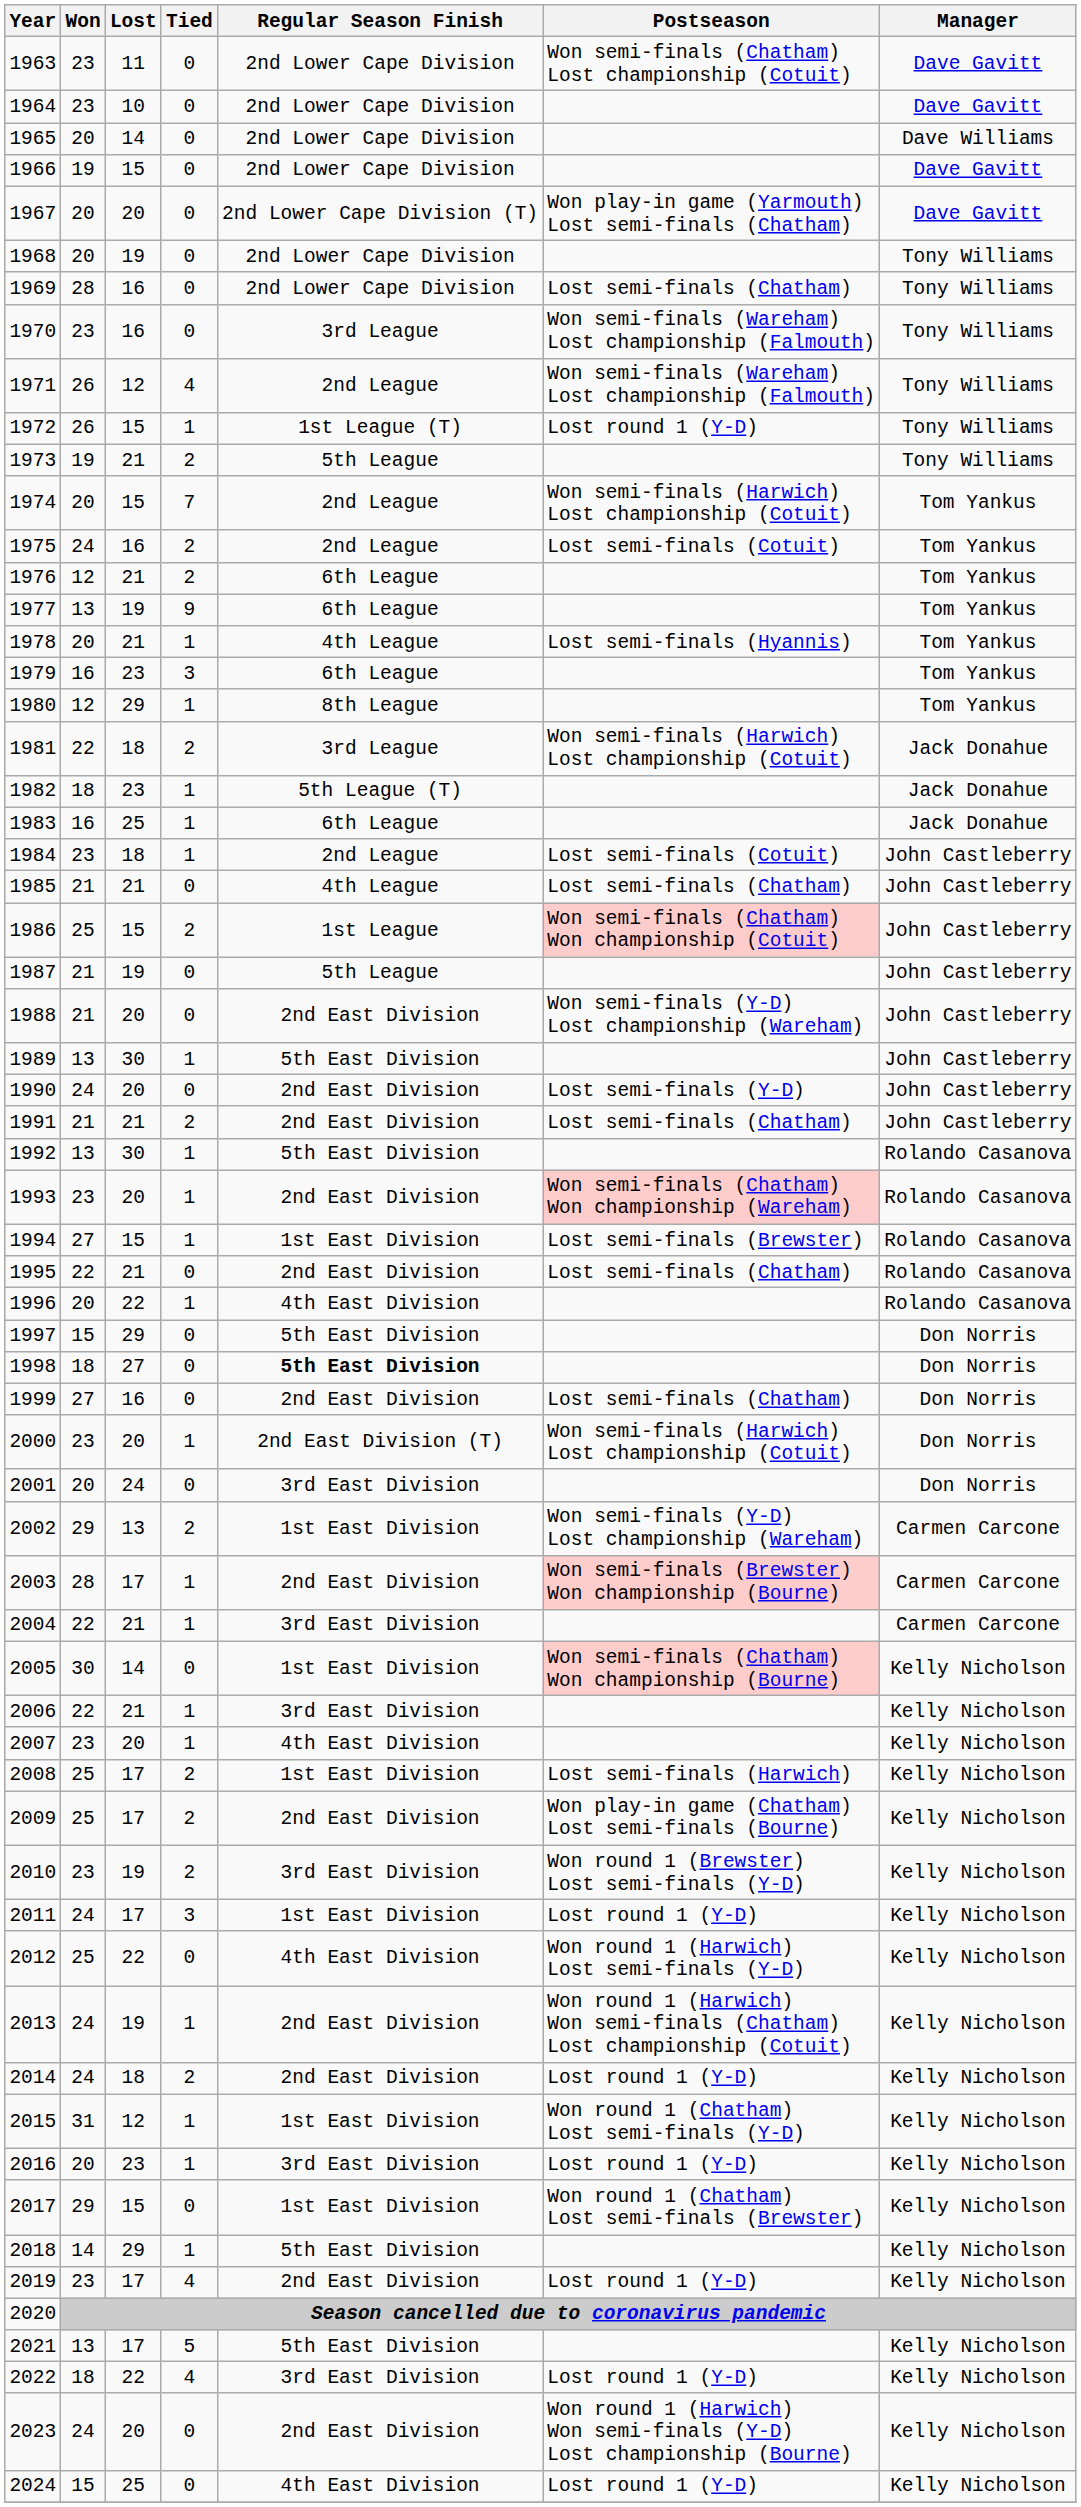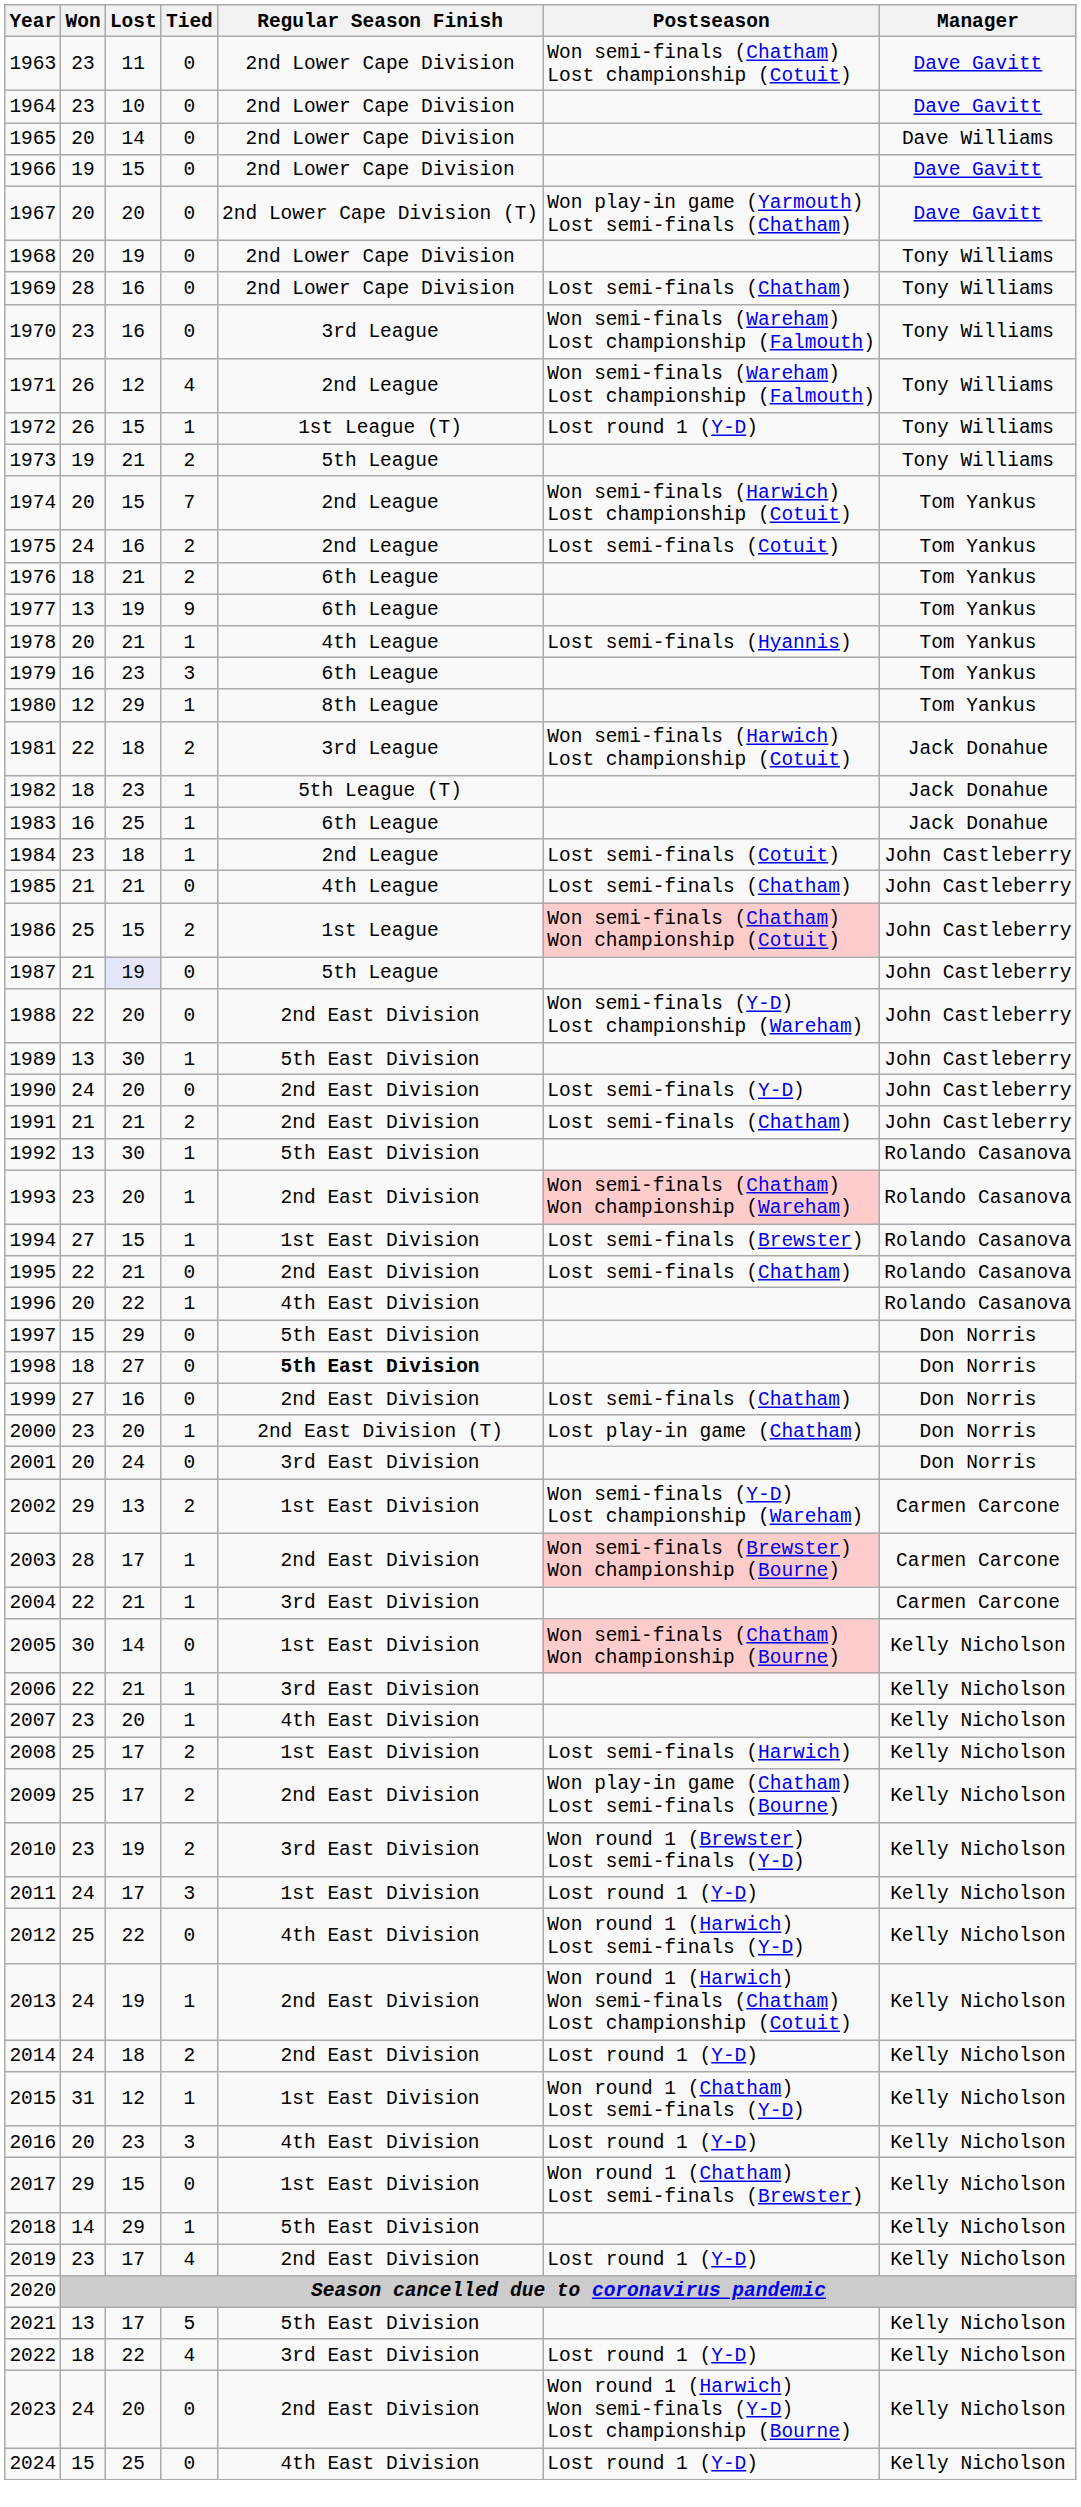 <table class="wikitable" style="text-align:center">
 <tr>
 <th>Year</th>
 <th>Won</th>
 <th>Lost</th>
 <th>Tied</th>
 <th>Regular Season Finish</th>
 <th>Postseason</th>
 <th>Manager</th>
 </tr>
 <tr>
 <td>1963</td>
 <td>23</td>
 <td>11</td>
 <td>0</td>
 <td>2nd Lower Cape Division</td>
 <td style="text-align:left">Won semi-finals (<a href='#'>Chatham</a>)<br>Lost championship (<a href='#'>Cotuit</a>)</td>
 <td><a href='#'>Dave Gavitt</a></td>
 </tr>
 <tr>
 <td>1964</td>
 <td>23</td>
 <td>10</td>
 <td>0</td>
 <td>2nd Lower Cape Division</td>
 <td></td>
 <td><a href='#'>Dave Gavitt</a></td>
 </tr>
 <tr>
 <td>1965</td>
 <td>20</td>
 <td>14</td>
 <td>0</td>
 <td>2nd Lower Cape Division</td>
 <td></td>
 <td>Dave Williams</td>
 </tr>
 <tr>
 <td>1966</td>
 <td>19</td>
 <td>15</td>
 <td>0</td>
 <td>2nd Lower Cape Division</td>
 <td></td>
 <td><a href='#'>Dave Gavitt</a></td>
 </tr>
 <tr>
 <td>1967</td>
 <td>20</td>
 <td>20</td>
 <td>0</td>
 <td>2nd Lower Cape Division (T)</td>
 <td style="text-align:left">Won play-in game (<a href='#'>Yarmouth</a>)<br>Lost semi-finals (<a href='#'>Chatham</a>)</td>
 <td><a href='#'>Dave Gavitt</a></td>
 </tr>
 <tr>
 <td>1968</td>
 <td>20</td>
 <td>19</td>
 <td>0</td>
 <td>2nd Lower Cape Division</td>
 <td></td>
 <td>Tony Williams</td>
 </tr>
 <tr>
 <td>1969</td>
 <td>28</td>
 <td>16</td>
 <td>0</td>
 <td>2nd Lower Cape Division</td>
 <td style="text-align:left">Lost semi-finals (<a href='#'>Chatham</a>)</td>
 <td>Tony Williams</td>
 </tr>
 <tr>
 <td>1970</td>
 <td>23</td>
 <td>16</td>
 <td>0</td>
 <td>3rd League</td>
 <td style="text-align:left">Won semi-finals (<a href='#'>Wareham</a>)<br>Lost championship (<a href='#'>Falmouth</a>)</td>
 <td>Tony Williams</td>
 </tr>
 <tr>
 <td>1971</td>
 <td>26</td>
 <td>12</td>
 <td>4</td>
 <td>2nd League</td>
 <td style="text-align:left">Won semi-finals (<a href='#'>Wareham</a>)<br>Lost championship (<a href='#'>Falmouth</a>)</td>
 <td>Tony Williams</td>
 </tr>
 <tr>
 <td>1972</td>
 <td>26</td>
 <td>15</td>
 <td>1</td>
 <td>1st League (T)</td>
 <td style="text-align:left">Lost round 1 (<a href='#'>Y-D</a>)</td>
 <td>Tony Williams</td>
 </tr>
 <tr>
 <td>1973</td>
 <td>19</td>
 <td>21</td>
 <td>2</td>
 <td>5th League</td>
 <td></td>
 <td>Tony Williams</td>
 </tr>
 <tr>
 <td>1974</td>
 <td>20</td>
 <td>15</td>
 <td>7</td>
 <td>2nd League</td>
 <td style="text-align:left">Won semi-finals (<a href='#'>Harwich</a>)<br>Lost championship (<a href='#'>Cotuit</a>)</td>
 <td>Tom Yankus</td>
 </tr>
 <tr>
 <td>1975</td>
 <td>24</td>
 <td>16</td>
 <td>2</td>
 <td>2nd League</td>
 <td style="text-align:left">Lost semi-finals (<a href='#'>Cotuit</a>)</td>
 <td>Tom Yankus</td>
 </tr>
 <tr>
 <td>1976</td>
-<td>12</td>
+<td>18</td>
 <td>21</td>
 <td>2</td>
 <td>6th League</td>
 <td></td>
 <td>Tom Yankus</td>
 </tr>
 <tr>
 <td>1977</td>
 <td>13</td>
 <td>19</td>
 <td>9</td>
 <td>6th League</td>
 <td></td>
 <td>Tom Yankus</td>
 </tr>
 <tr>
 <td>1978</td>
 <td>20</td>
 <td>21</td>
 <td>1</td>
 <td>4th League</td>
 <td style="text-align:left">Lost semi-finals (<a href='#'>Hyannis</a>)</td>
 <td>Tom Yankus</td>
 </tr>
 <tr>
 <td>1979</td>
 <td>16</td>
 <td>23</td>
 <td>3</td>
 <td>6th League</td>
 <td></td>
 <td>Tom Yankus</td>
 </tr>
 <tr>
 <td>1980</td>
 <td>12</td>
 <td>29</td>
 <td>1</td>
 <td>8th League</td>
 <td></td>
 <td>Tom Yankus</td>
 </tr>
 <tr>
 <td>1981</td>
 <td>22</td>
 <td>18</td>
 <td>2</td>
 <td>3rd League</td>
 <td style="text-align:left">Won semi-finals (<a href='#'>Harwich</a>)<br>Lost championship (<a href='#'>Cotuit</a>)</td>
 <td>Jack Donahue</td>
 </tr>
 <tr>
 <td>1982</td>
 <td>18</td>
 <td>23</td>
 <td>1</td>
 <td>5th League (T)</td>
 <td></td>
 <td>Jack Donahue</td>
 </tr>
 <tr>
 <td>1983</td>
 <td>16</td>
 <td>25</td>
 <td>1</td>
 <td>6th League</td>
 <td></td>
 <td>Jack Donahue</td>
 </tr>
 <tr>
 <td>1984</td>
 <td>23</td>
 <td>18</td>
 <td>1</td>
 <td>2nd League</td>
 <td style="text-align:left">Lost semi-finals (<a href='#'>Cotuit</a>)</td>
 <td>John Castleberry</td>
 </tr>
 <tr>
 <td>1985</td>
 <td>21</td>
 <td>21</td>
 <td>0</td>
 <td>4th League</td>
 <td style="text-align:left">Lost semi-finals (<a href='#'>Chatham</a>)</td>
 <td>John Castleberry</td>
 </tr>
 <tr>
 <td>1986</td>
 <td>25</td>
 <td>15</td>
 <td>2</td>
 <td>1st League</td>
 <td style="text-align:left" bgcolor=#ffcccc>Won semi-finals (<a href='#'>Chatham</a>)<br>Won championship (<a href='#'>Cotuit</a>)</td>
 <td>John Castleberry</td>
 </tr>
 <tr>
 <td>1987</td>
 <td>21</td>
-<td>19</td>
+<td style="background: lavender;">19</td>
 <td>0</td>
 <td>5th League</td>
 <td></td>
 <td>John Castleberry</td>
 </tr>
 <tr>
 <td>1988</td>
-<td>21</td>
+<td>22</td>
 <td>20</td>
 <td>0</td>
 <td>2nd East Division</td>
 <td style="text-align:left">Won semi-finals (<a href='#'>Y-D</a>)<br>Lost championship (<a href='#'>Wareham</a>)</td>
 <td>John Castleberry</td>
 </tr>
 <tr>
 <td>1989</td>
 <td>13</td>
 <td>30</td>
 <td>1</td>
 <td>5th East Division</td>
 <td></td>
 <td>John Castleberry</td>
 </tr>
 <tr>
 <td>1990</td>
 <td>24</td>
 <td>20</td>
 <td>0</td>
 <td>2nd East Division</td>
 <td style="text-align:left">Lost semi-finals (<a href='#'>Y-D</a>)</td>
 <td>John Castleberry</td>
 </tr>
 <tr>
 <td>1991</td>
 <td>21</td>
 <td>21</td>
 <td>2</td>
 <td>2nd East Division</td>
 <td style="text-align:left">Lost semi-finals (<a href='#'>Chatham</a>)</td>
 <td>John Castleberry</td>
 </tr>
 <tr>
 <td>1992</td>
 <td>13</td>
 <td>30</td>
 <td>1</td>
 <td>5th East Division</td>
 <td></td>
 <td>Rolando Casanova</td>
 </tr>
 <tr>
 <td>1993</td>
 <td>23</td>
 <td>20</td>
 <td>1</td>
 <td>2nd East Division</td>
 <td style="text-align:left" bgcolor=#ffcccc>Won semi-finals (<a href='#'>Chatham</a>)<br>Won championship (<a href='#'>Wareham</a>)</td>
 <td>Rolando Casanova</td>
 </tr>
 <tr>
 <td>1994</td>
 <td>27</td>
 <td>15</td>
 <td>1</td>
 <td>1st East Division</td>
 <td style="text-align:left">Lost semi-finals (<a href='#'>Brewster</a>)</td>
 <td>Rolando Casanova</td>
 </tr>
 <tr>
 <td>1995</td>
 <td>22</td>
 <td>21</td>
 <td>0</td>
 <td>2nd East Division</td>
 <td style="text-align:left">Lost semi-finals (<a href='#'>Chatham</a>)</td>
 <td>Rolando Casanova</td>
 </tr>
 <tr>
 <td>1996</td>
 <td>20</td>
 <td>22</td>
 <td>1</td>
 <td>4th East Division</td>
 <td></td>
 <td>Rolando Casanova</td>
 </tr>
 <tr>
 <td>1997</td>
 <td>15</td>
 <td>29</td>
 <td>0</td>
 <td>5th East Division</td>
 <td></td>
 <td>Don Norris</td>
 </tr>
 <tr>
 <td>1998</td>
 <td>18</td>
 <td>27</td>
 <td>0</td>
 <td><strong>5th East Division</strong></td>
 <td></td>
 <td>Don Norris</td>
 </tr>
 <tr>
 <td>1999</td>
 <td>27</td>
 <td>16</td>
 <td>0</td>
 <td>2nd East Division</td>
 <td style="text-align:left">Lost semi-finals (<a href='#'>Chatham</a>)</td>
 <td>Don Norris</td>
 </tr>
 <tr>
 <td>2000</td>
 <td>23</td>
 <td>20</td>
 <td>1</td>
 <td>2nd East Division (T)</td>
-<td style="text-align:left">Won semi-finals (<a href='#'>Harwich</a>)<br>Lost championship (<a href='#'>Cotuit</a>)</td>
+<td style="text-align:left">Lost play-in game (<a href='#'>Chatham</a>)</td>
 <td>Don Norris</td>
 </tr>
 <tr>
 <td>2001</td>
 <td>20</td>
 <td>24</td>
 <td>0</td>
 <td>3rd East Division</td>
 <td></td>
 <td>Don Norris</td>
 </tr>
 <tr>
 <td>2002</td>
 <td>29</td>
 <td>13</td>
 <td>2</td>
 <td>1st East Division</td>
 <td style="text-align:left">Won semi-finals (<a href='#'>Y-D</a>)<br>Lost championship (<a href='#'>Wareham</a>)</td>
 <td>Carmen Carcone</td>
 </tr>
 <tr>
 <td>2003</td>
 <td>28</td>
 <td>17</td>
 <td>1</td>
 <td>2nd East Division</td>
 <td style="text-align:left" bgcolor=#ffcccc>Won semi-finals (<a href='#'>Brewster</a>)<br>Won championship (<a href='#'>Bourne</a>)</td>
 <td>Carmen Carcone</td>
 </tr>
 <tr>
 <td>2004</td>
 <td>22</td>
 <td>21</td>
 <td>1</td>
 <td>3rd East Division</td>
 <td></td>
 <td>Carmen Carcone</td>
 </tr>
 <tr>
 <td>2005</td>
 <td>30</td>
 <td>14</td>
 <td>0</td>
 <td>1st East Division</td>
 <td style="text-align:left" bgcolor=#ffcccc>Won semi-finals (<a href='#'>Chatham</a>)<br>Won championship (<a href='#'>Bourne</a>)</td>
 <td>Kelly Nicholson</td>
 </tr>
 <tr>
 <td>2006</td>
 <td>22</td>
 <td>21</td>
 <td>1</td>
 <td>3rd East Division</td>
 <td></td>
 <td>Kelly Nicholson</td>
 </tr>
 <tr>
 <td>2007</td>
 <td>23</td>
 <td>20</td>
 <td>1</td>
 <td>4th East Division</td>
 <td></td>
 <td>Kelly Nicholson</td>
 </tr>
 <tr>
 <td>2008</td>
 <td>25</td>
 <td>17</td>
 <td>2</td>
 <td>1st East Division</td>
 <td style="text-align:left">Lost semi-finals (<a href='#'>Harwich</a>)</td>
 <td>Kelly Nicholson</td>
 </tr>
 <tr>
 <td>2009</td>
 <td>25</td>
 <td>17</td>
 <td>2</td>
 <td>2nd East Division</td>
 <td style="text-align:left">Won play-in game (<a href='#'>Chatham</a>)<br>Lost semi-finals (<a href='#'>Bourne</a>)</td>
 <td>Kelly Nicholson</td>
 </tr>
 <tr>
 <td>2010</td>
 <td>23</td>
 <td>19</td>
 <td>2</td>
 <td>3rd East Division</td>
 <td style="text-align:left">Won round 1 (<a href='#'>Brewster</a>)<br>Lost semi-finals (<a href='#'>Y-D</a>)</td>
 <td>Kelly Nicholson</td>
 </tr>
 <tr>
 <td>2011</td>
 <td>24</td>
 <td>17</td>
 <td>3</td>
 <td>1st East Division</td>
 <td style="text-align:left">Lost round 1 (<a href='#'>Y-D</a>)</td>
 <td>Kelly Nicholson</td>
 </tr>
 <tr>
 <td>2012</td>
 <td>25</td>
 <td>22</td>
 <td>0</td>
 <td>4th East Division</td>
 <td style="text-align:left">Won round 1 (<a href='#'>Harwich</a>)<br>Lost semi-finals (<a href='#'>Y-D</a>)</td>
 <td>Kelly Nicholson</td>
 </tr>
 <tr>
 <td>2013</td>
 <td>24</td>
 <td>19</td>
 <td>1</td>
 <td>2nd East Division</td>
 <td style="text-align:left">Won round 1 (<a href='#'>Harwich</a>)<br>Won semi-finals (<a href='#'>Chatham</a>)<br>Lost championship (<a href='#'>Cotuit</a>)</td>
 <td>Kelly Nicholson</td>
 </tr>
 <tr>
 <td>2014</td>
 <td>24</td>
 <td>18</td>
 <td>2</td>
 <td>2nd East Division</td>
 <td style="text-align:left">Lost round 1 (<a href='#'>Y-D</a>)</td>
 <td>Kelly Nicholson</td>
 </tr>
 <tr>
 <td>2015</td>
 <td>31</td>
 <td>12</td>
 <td>1</td>
 <td>1st East Division</td>
 <td style="text-align:left">Won round 1 (<a href='#'>Chatham</a>)<br>Lost semi-finals (<a href='#'>Y-D</a>)</td>
 <td>Kelly Nicholson</td>
 </tr>
 <tr>
 <td>2016</td>
 <td>20</td>
 <td>23</td>
-<td>1</td>
-<td>3rd East Division</td>
+<td>3</td>
+<td>4th East Division</td>
 <td style="text-align:left">Lost round 1 (<a href='#'>Y-D</a>)</td>
 <td>Kelly Nicholson</td>
 </tr>
 <tr>
 <td>2017</td>
 <td>29</td>
 <td>15</td>
 <td>0</td>
 <td>1st East Division</td>
 <td style="text-align:left">Won round 1 (<a href='#'>Chatham</a>)<br>Lost semi-finals (<a href='#'>Brewster</a>)</td>
 <td>Kelly Nicholson</td>
 </tr>
 <tr>
 <td>2018</td>
 <td>14</td>
 <td>29</td>
 <td>1</td>
 <td>5th East Division</td>
 <td></td>
 <td>Kelly Nicholson</td>
 </tr>
 <tr>
 <td>2019</td>
 <td>23</td>
 <td>17</td>
 <td>4</td>
 <td>2nd East Division</td>
 <td style="text-align:left">Lost round 1 (<a href='#'>Y-D</a>)</td>
 <td>Kelly Nicholson</td>
 </tr>
 <tr>
 <td>2020</td>
 <td colspan="6" align="center" bgcolor=#cccccc><strong><em>Season cancelled due to <a href='#'>coronavirus pandemic</a></em></strong></td>
 </tr>
 <tr>
 <td>2021</td>
 <td>13</td>
 <td>17</td>
 <td>5</td>
 <td>5th East Division</td>
 <td></td>
 <td>Kelly Nicholson</td>
 </tr>
 <tr>
 <td>2022</td>
 <td>18</td>
 <td>22</td>
 <td>4</td>
 <td>3rd East Division</td>
 <td style="text-align:left">Lost round 1 (<a href='#'>Y-D</a>)</td>
 <td>Kelly Nicholson</td>
 </tr>
 <tr>
 <td>2023</td>
 <td>24</td>
 <td>20</td>
 <td>0</td>
 <td>2nd East Division</td>
 <td style="text-align:left">Won round 1 (<a href='#'>Harwich</a>)<br>Won semi-finals (<a href='#'>Y-D</a>)<br>Lost championship (<a href='#'>Bourne</a>)</td>
 <td>Kelly Nicholson</td>
 </tr>
 <tr>
 <td>2024</td>
 <td>15</td>
 <td>25</td>
 <td>0</td>
 <td>4th East Division</td>
 <td style="text-align:left">Lost round 1 (<a href='#'>Y-D</a>)</td>
 <td>Kelly Nicholson</td>
 </tr>
 <tr>
 </tr>
 </table>
